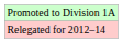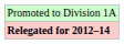 <table class="wikitable">
 <tr width=10px bgcolor="#ccffcc">
 <td>Promoted to Division 1A</td>
 </tr>
 <tr width=10px bgcolor="#ffcccc">
-<td>Relegated for 2012–14</td>
+<td><strong>Relegated for 2012–14</strong></td>
 </tr>
 </table>
